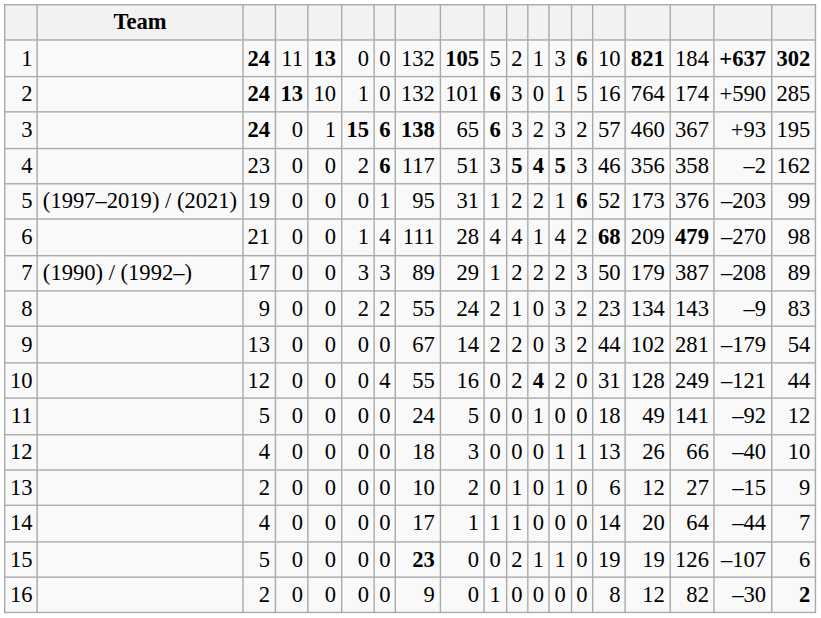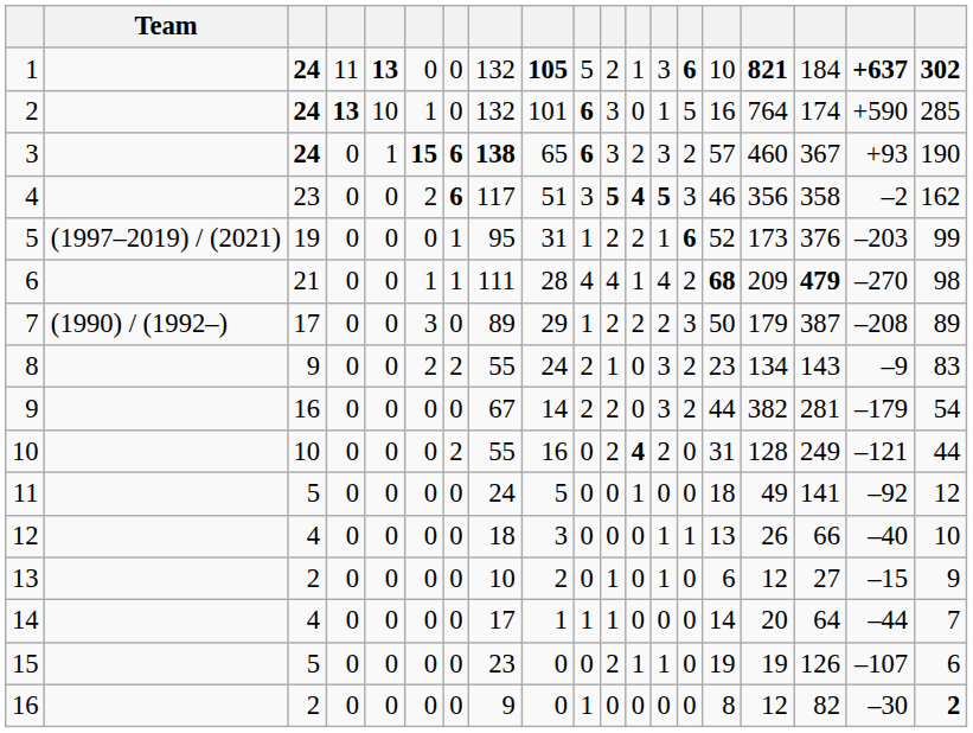 <table class="sortable wikitable" style="text-align:right">
 <tr>
 <th></th>
 <th class="unsortable">Team</th>
 <th></th>
 <th></th>
 <th></th>
 <th></th>
 <th></th>
 <th></th>
 <th></th>
 <th></th>
 <th></th>
 <th></th>
 <th></th>
 <th></th>
 <th></th>
 <th></th>
 <th></th>
 <th></th>
 <th></th>
 </tr>
 <tr style="background:">
 <td>1</td>
 <td style="text-align:left"></td>
 <td><strong>24</strong></td>
 <td>11</td>
 <td><strong>13</strong></td>
 <td>0</td>
 <td>0</td>
 <td>132</td>
 <td><strong>105</strong></td>
 <td>5</td>
 <td>2</td>
 <td>1</td>
 <td>3</td>
 <td><strong>6</strong></td>
 <td>10</td>
 <td><strong>821</strong></td>
 <td>184</td>
 <td><strong>+637</strong></td>
 <td><strong>302</strong></td>
 </tr>
 <tr style="background:">
 <td>2</td>
 <td style="text-align:left"></td>
 <td><strong>24</strong></td>
 <td><strong>13</strong></td>
 <td>10</td>
 <td>1</td>
 <td>0</td>
 <td>132</td>
 <td>101</td>
 <td><strong>6</strong></td>
 <td>3</td>
 <td>0</td>
 <td>1</td>
 <td>5</td>
 <td>16</td>
 <td>764</td>
 <td>174</td>
 <td>+590</td>
 <td>285</td>
 </tr>
 <tr style="background:">
 <td>3</td>
 <td style="text-align:left"></td>
 <td><strong>24</strong></td>
 <td>0</td>
 <td>1</td>
 <td><strong>15</strong></td>
 <td><strong>6</strong></td>
 <td><strong>138</strong></td>
 <td>65</td>
 <td><strong>6</strong></td>
 <td>3</td>
 <td>2</td>
 <td>3</td>
 <td>2</td>
 <td>57</td>
 <td>460</td>
 <td>367</td>
 <td>+93</td>
-<td>195</td>
+<td>190</td>
 </tr>
 <tr style="background:">
 <td>4</td>
 <td style="text-align:left"></td>
 <td>23</td>
 <td>0</td>
 <td>0</td>
 <td>2</td>
 <td><strong>6</strong></td>
 <td>117</td>
 <td>51</td>
 <td>3</td>
 <td><strong>5</strong></td>
 <td><strong>4</strong></td>
 <td><strong>5</strong></td>
 <td>3</td>
 <td>46</td>
 <td>356</td>
 <td>358</td>
 <td>–2</td>
 <td>162</td>
 </tr>
 <tr style="background:">
 <td>5</td>
 <td style="text-align:left"> (1997–2019) /  (2021)</td>
 <td>19</td>
 <td>0</td>
 <td>0</td>
 <td>0</td>
 <td>1</td>
 <td>95</td>
 <td>31</td>
 <td>1</td>
 <td>2</td>
 <td>2</td>
 <td>1</td>
 <td><strong>6</strong></td>
 <td>52</td>
 <td>173</td>
 <td>376</td>
 <td>–203</td>
 <td>99</td>
 </tr>
 <tr style="background:">
 <td>6</td>
 <td style="text-align:left"></td>
 <td>21</td>
 <td>0</td>
 <td>0</td>
 <td>1</td>
-<td>4</td>
+<td>1</td>
 <td>111</td>
 <td>28</td>
 <td>4</td>
 <td>4</td>
 <td>1</td>
 <td>4</td>
 <td>2</td>
 <td><strong>68</strong></td>
 <td>209</td>
 <td><strong>479</strong></td>
 <td>–270</td>
 <td>98</td>
 </tr>
 <tr style="background:">
 <td>7</td>
 <td style="text-align:left"> (1990) /  (1992–)</td>
 <td>17</td>
 <td>0</td>
 <td>0</td>
 <td>3</td>
-<td>3</td>
+<td>0</td>
 <td>89</td>
 <td>29</td>
 <td>1</td>
 <td>2</td>
 <td>2</td>
 <td>2</td>
 <td>3</td>
 <td>50</td>
 <td>179</td>
 <td>387</td>
 <td>–208</td>
 <td>89</td>
 </tr>
 <tr style="background:">
 <td>8</td>
 <td style="text-align:left"></td>
 <td>9</td>
 <td>0</td>
 <td>0</td>
 <td>2</td>
 <td>2</td>
 <td>55</td>
 <td>24</td>
 <td>2</td>
 <td>1</td>
 <td>0</td>
 <td>3</td>
 <td>2</td>
 <td>23</td>
 <td>134</td>
 <td>143</td>
 <td>–9</td>
 <td>83</td>
 </tr>
 <tr style="background:">
 <td>9</td>
 <td style="text-align:left"></td>
-<td>13</td>
+<td>16</td>
 <td>0</td>
 <td>0</td>
 <td>0</td>
 <td>0</td>
 <td>67</td>
 <td>14</td>
 <td>2</td>
 <td>2</td>
 <td>0</td>
 <td>3</td>
 <td>2</td>
 <td>44</td>
-<td>102</td>
+<td>382</td>
 <td>281</td>
 <td>–179</td>
 <td>54</td>
 </tr>
 <tr style="background:">
 <td>10</td>
 <td style="text-align:left"></td>
-<td>12</td>
+<td>10</td>
 <td>0</td>
 <td>0</td>
 <td>0</td>
-<td>4</td>
+<td>2</td>
 <td>55</td>
 <td>16</td>
 <td>0</td>
 <td>2</td>
 <td><strong>4</strong></td>
 <td>2</td>
 <td>0</td>
 <td>31</td>
 <td>128</td>
 <td>249</td>
 <td>–121</td>
 <td>44</td>
 </tr>
 <tr style="background:">
 <td>11</td>
 <td style="text-align:left"></td>
 <td>5</td>
 <td>0</td>
 <td>0</td>
 <td>0</td>
 <td>0</td>
 <td>24</td>
 <td>5</td>
 <td>0</td>
 <td>0</td>
 <td>1</td>
 <td>0</td>
 <td>0</td>
 <td>18</td>
 <td>49</td>
 <td>141</td>
 <td>–92</td>
 <td>12</td>
 </tr>
 <tr style="background:">
 <td>12</td>
 <td style="text-align:left"></td>
 <td>4</td>
 <td>0</td>
 <td>0</td>
 <td>0</td>
 <td>0</td>
 <td>18</td>
 <td>3</td>
 <td>0</td>
 <td>0</td>
 <td>0</td>
 <td>1</td>
 <td>1</td>
 <td>13</td>
 <td>26</td>
 <td>66</td>
 <td>–40</td>
 <td>10</td>
 </tr>
 <tr style="background:">
 <td>13</td>
 <td style="text-align:left"></td>
 <td>2</td>
 <td>0</td>
 <td>0</td>
 <td>0</td>
 <td>0</td>
 <td>10</td>
 <td>2</td>
 <td>0</td>
 <td>1</td>
 <td>0</td>
 <td>1</td>
 <td>0</td>
 <td>6</td>
 <td>12</td>
 <td>27</td>
 <td>–15</td>
 <td>9</td>
 </tr>
 <tr style="background:">
 <td>14</td>
 <td style="text-align:left"></td>
 <td>4</td>
 <td>0</td>
 <td>0</td>
 <td>0</td>
 <td>0</td>
 <td>17</td>
 <td>1</td>
 <td>1</td>
 <td>1</td>
 <td>0</td>
 <td>0</td>
 <td>0</td>
 <td>14</td>
 <td>20</td>
 <td>64</td>
 <td>–44</td>
 <td>7</td>
 </tr>
 <tr style="background:">
 <td>15</td>
 <td style="text-align:left"></td>
 <td>5</td>
 <td>0</td>
 <td>0</td>
 <td>0</td>
 <td>0</td>
-<td><strong>23</strong></td>
+<td>23</td>
 <td>0</td>
 <td>0</td>
 <td>2</td>
 <td>1</td>
 <td>1</td>
 <td>0</td>
 <td>19</td>
 <td>19</td>
 <td>126</td>
 <td>–107</td>
 <td>6</td>
 </tr>
 <tr style="background:">
 <td>16</td>
 <td style="text-align:left"></td>
 <td>2</td>
 <td>0</td>
 <td>0</td>
 <td>0</td>
 <td>0</td>
 <td>9</td>
 <td>0</td>
 <td>1</td>
 <td>0</td>
 <td>0</td>
 <td>0</td>
 <td>0</td>
 <td>8</td>
 <td>12</td>
 <td>82</td>
 <td>–30</td>
 <td><strong>2</strong></td>
 </tr>
 </table>
